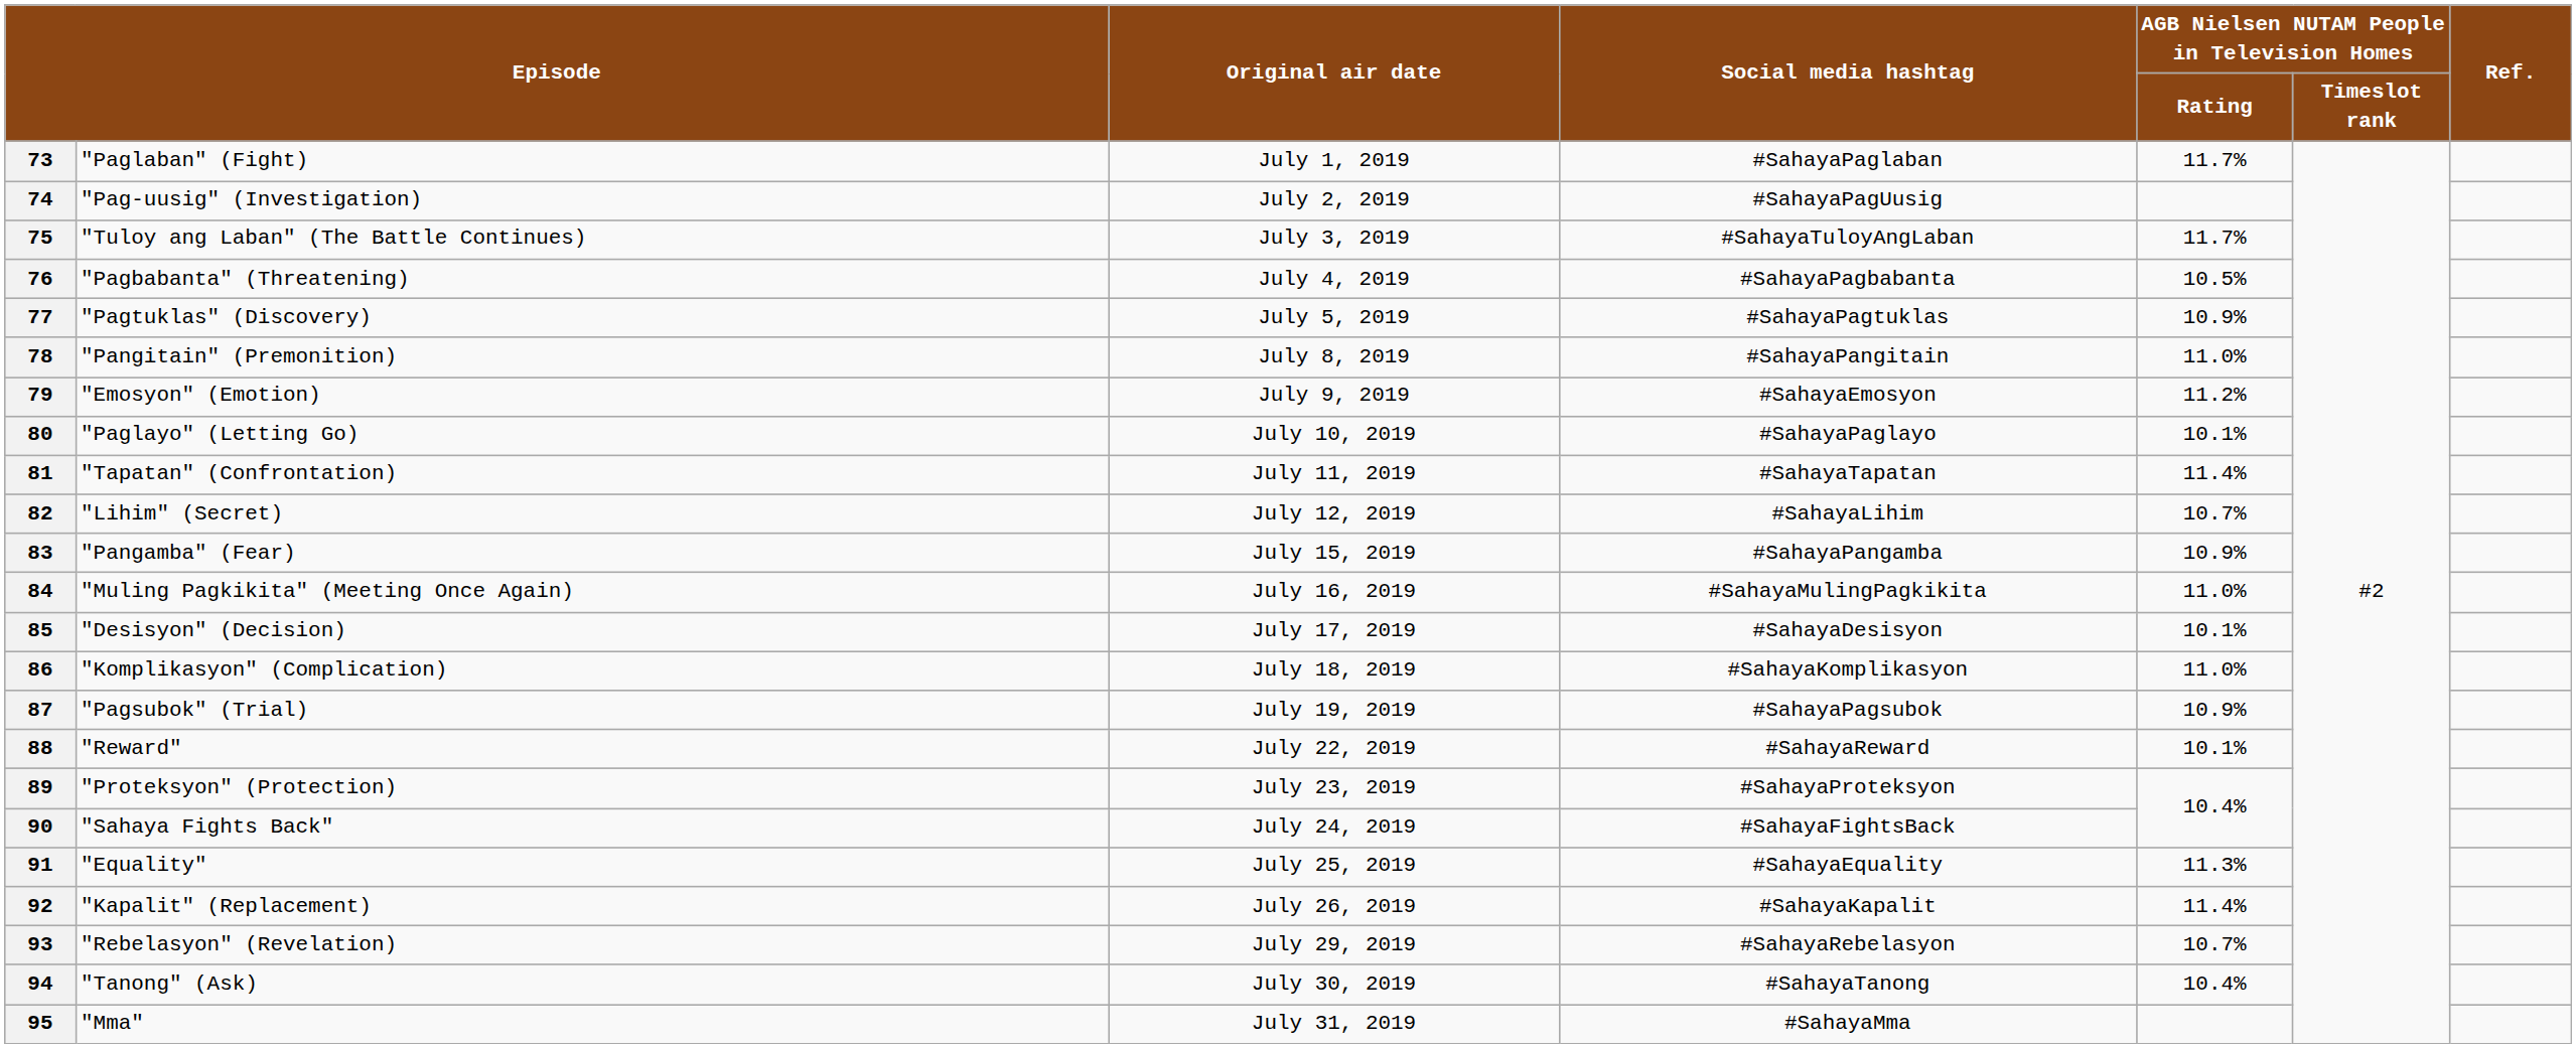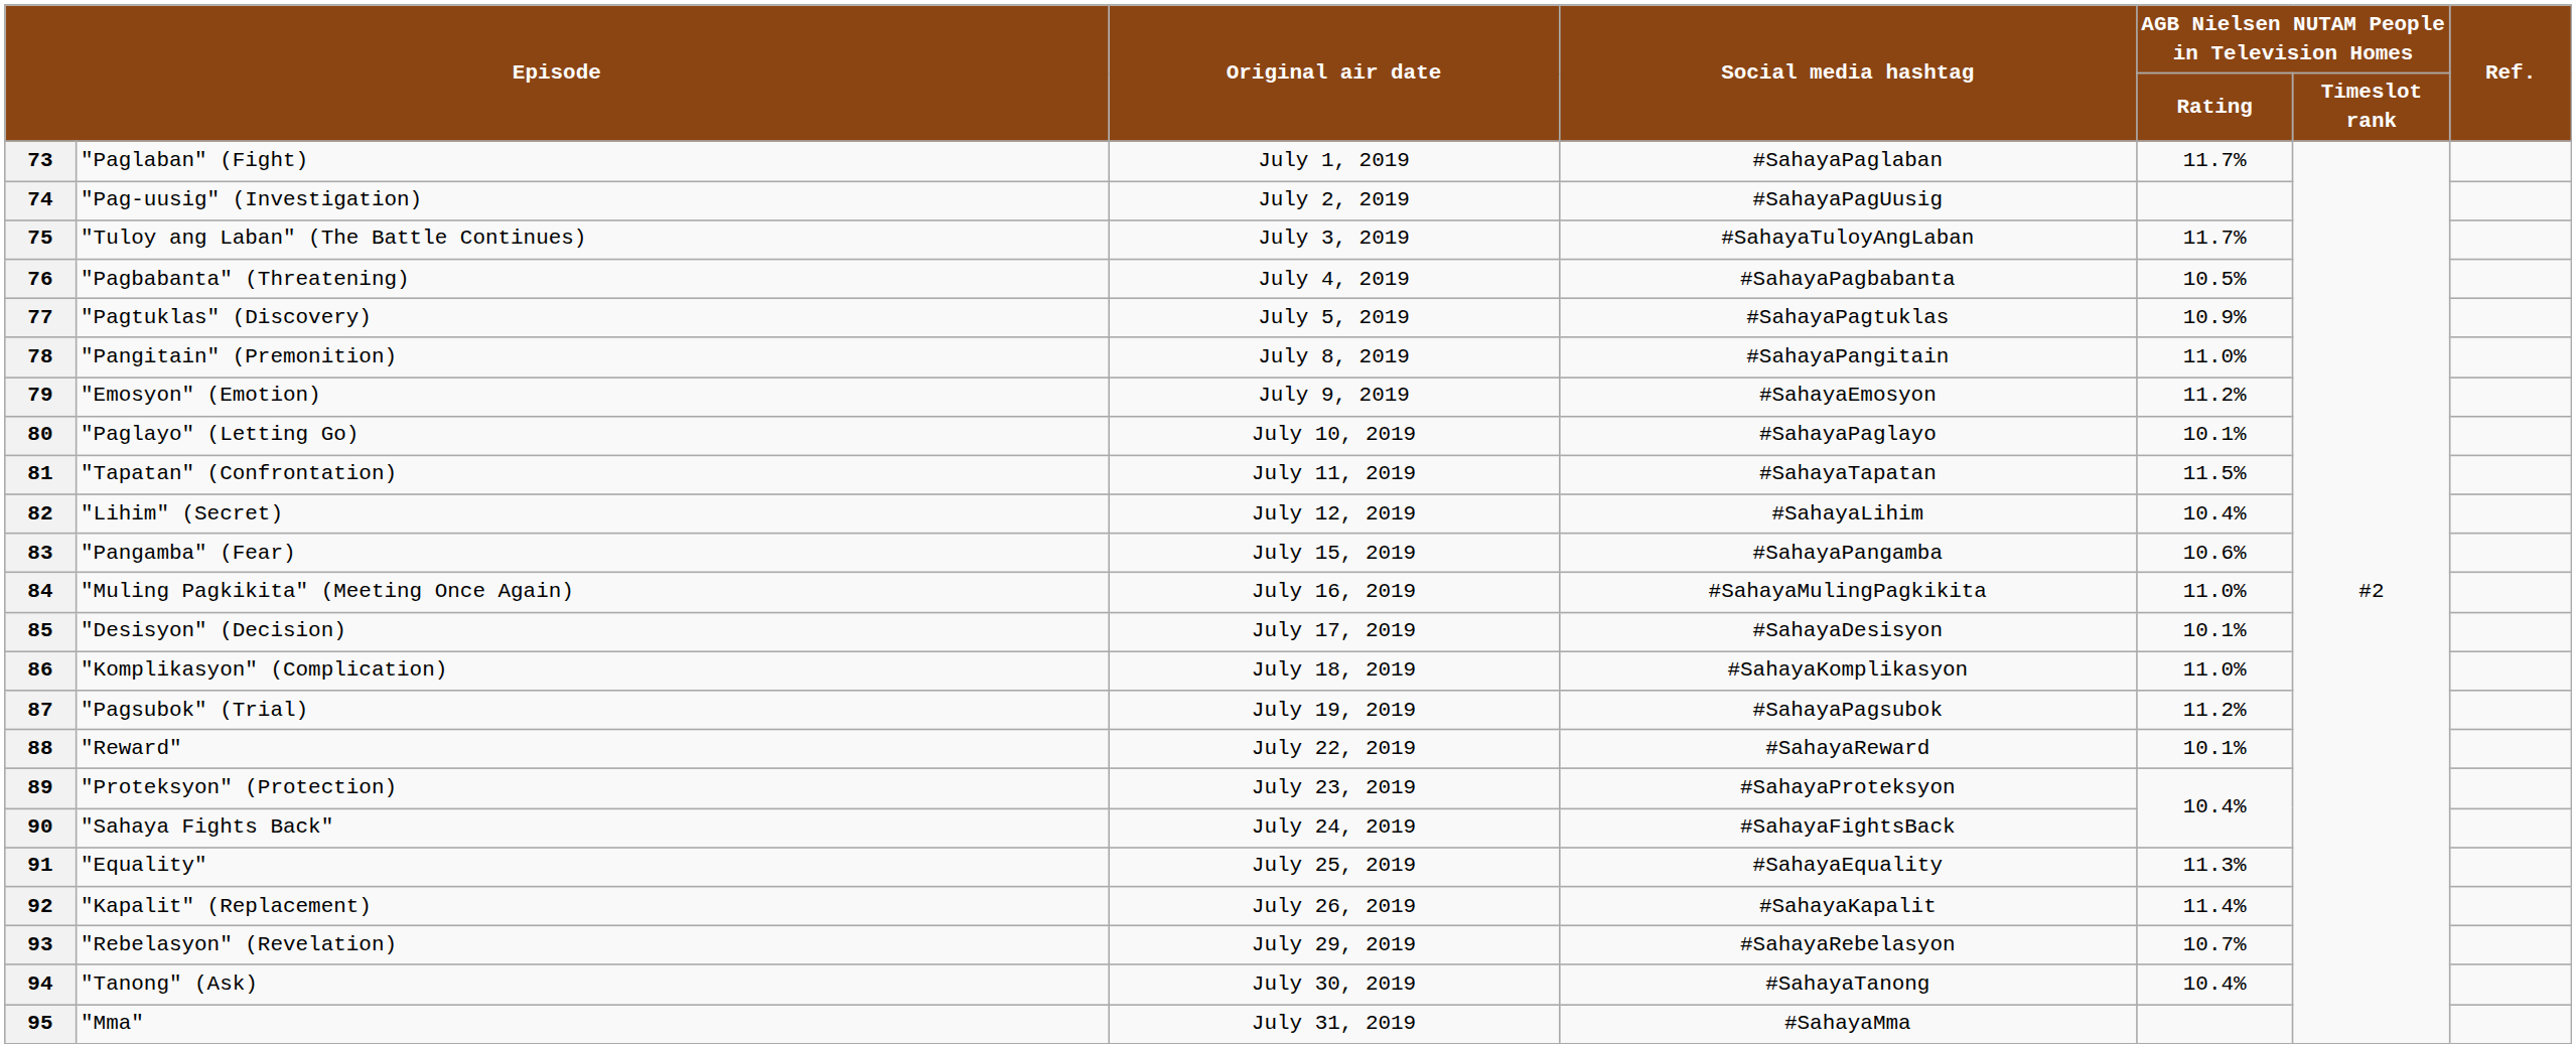 <table class="wikitable" style="text-align:center; font-size:100%; line-height:18px;" width="100%">
 <tr>
 <th style="background-color:#8B4513; color:#ffffff;" colspan="2" rowspan="2">Episode</th>
 <th style="background-color:#8B4513; color:white" rowspan="2">Original air date</th>
 <th style="background-color:#8B4513; color:white" rowspan="2">Social media hashtag</th>
 <th style="background-color:#8B4513; color:#ffffff;" colspan="2">AGB Nielsen NUTAM People in Television Homes</th>
 <th style="background-color:#8B4513; color:#ffffff;" rowspan="2">Ref.</th>
 </tr>
 <tr>
 <th style="background-color:#8B4513; width:75px; color:#ffffff;">Rating</th>
 <th style="background-color:#8B4513; width:75px; color:#ffffff;">Timeslot<br>rank</th>
 </tr>
 <tr>
 <th>73</th>
 <td style="text-align: left;">"Paglaban" (Fight)</td>
 <td>July 1, 2019</td>
 <td>#SahayaPaglaban</td>
 <td>11.7%</td>
 <td rowspan="23">#2</td>
 <td></td>
 </tr>
 <tr>
 <th>74</th>
 <td style="text-align: left;">"Pag-uusig" (Investigation)</td>
 <td>July 2, 2019</td>
 <td>#SahayaPagUusig</td>
 <td></td>
 <td></td>
 </tr>
 <tr>
 <th>75</th>
 <td style="text-align: left;">"Tuloy ang Laban" (The Battle Continues)</td>
 <td>July 3, 2019</td>
 <td>#SahayaTuloyAngLaban</td>
 <td>11.7%</td>
 <td></td>
 </tr>
 <tr>
 <th>76</th>
 <td style="text-align: left;">"Pagbabanta" (Threatening)</td>
 <td>July 4, 2019</td>
 <td>#SahayaPagbabanta</td>
 <td>10.5%</td>
 <td></td>
 </tr>
 <tr>
 <th>77</th>
 <td style="text-align: left;">"Pagtuklas" (Discovery)</td>
 <td>July 5, 2019</td>
 <td>#SahayaPagtuklas</td>
 <td>10.9%</td>
 <td></td>
 </tr>
 <tr>
 <th>78</th>
 <td style="text-align: left;">"Pangitain" (Premonition)</td>
 <td>July 8, 2019</td>
 <td>#SahayaPangitain</td>
 <td>11.0%</td>
 <td></td>
 </tr>
 <tr>
 <th>79</th>
 <td style="text-align: left;">"Emosyon" (Emotion)</td>
 <td>July 9, 2019</td>
 <td>#SahayaEmosyon</td>
 <td>11.2%</td>
 <td></td>
 </tr>
 <tr>
 <th>80</th>
 <td style="text-align: left;">"Paglayo" (Letting Go)</td>
 <td>July 10, 2019</td>
 <td>#SahayaPaglayo</td>
 <td>10.1%</td>
 <td></td>
 </tr>
 <tr>
 <th>81</th>
 <td style="text-align: left;">"Tapatan" (Confrontation)</td>
 <td>July 11, 2019</td>
 <td>#SahayaTapatan</td>
-<td>11.4%</td>
+<td>11.5%</td>
 <td></td>
 </tr>
 <tr>
 <th>82</th>
 <td style="text-align: left;">"Lihim" (Secret)</td>
 <td>July 12, 2019</td>
 <td>#SahayaLihim</td>
-<td>10.7%</td>
+<td>10.4%</td>
 <td></td>
 </tr>
 <tr>
 <th>83</th>
 <td style="text-align: left;">"Pangamba" (Fear)</td>
 <td>July 15, 2019</td>
 <td>#SahayaPangamba</td>
-<td>10.9%</td>
+<td>10.6%</td>
 <td></td>
 </tr>
 <tr>
 <th>84</th>
 <td style="text-align: left;">"Muling Pagkikita" (Meeting Once Again)</td>
 <td>July 16, 2019</td>
 <td>#SahayaMulingPagkikita</td>
 <td>11.0%</td>
 <td></td>
 </tr>
 <tr>
 <th>85</th>
 <td style="text-align: left;">"Desisyon" (Decision)</td>
 <td>July 17, 2019</td>
 <td>#SahayaDesisyon</td>
 <td>10.1%</td>
 <td></td>
 </tr>
 <tr>
 <th>86</th>
 <td style="text-align: left;">"Komplikasyon" (Complication)</td>
 <td>July 18, 2019</td>
 <td>#SahayaKomplikasyon</td>
 <td>11.0%</td>
 <td></td>
 </tr>
 <tr>
 <th>87</th>
 <td style="text-align: left;">"Pagsubok" (Trial)</td>
 <td>July 19, 2019</td>
 <td>#SahayaPagsubok</td>
-<td>10.9%</td>
+<td>11.2%</td>
 <td></td>
 </tr>
 <tr>
 <th>88</th>
 <td style="text-align: left;">"Reward"</td>
 <td>July 22, 2019</td>
 <td>#SahayaReward</td>
 <td>10.1%</td>
 <td></td>
 </tr>
 <tr>
 <th>89</th>
 <td style="text-align: left;">"Proteksyon" (Protection)</td>
 <td>July 23, 2019</td>
 <td>#SahayaProteksyon</td>
 <td rowspan="2">10.4%</td>
 <td></td>
 </tr>
 <tr>
 <th>90</th>
 <td style="text-align: left;">"Sahaya Fights Back"</td>
 <td>July 24, 2019</td>
 <td>#SahayaFightsBack</td>
 <td></td>
 </tr>
 <tr>
 <th>91</th>
 <td style="text-align: left;">"Equality"</td>
 <td>July 25, 2019</td>
 <td>#SahayaEquality</td>
 <td>11.3%</td>
 <td></td>
 </tr>
 <tr>
 <th>92</th>
 <td style="text-align: left;">"Kapalit" (Replacement)</td>
 <td>July 26, 2019</td>
 <td>#SahayaKapalit</td>
 <td>11.4%</td>
 <td></td>
 </tr>
 <tr>
 <th>93</th>
 <td style="text-align: left;">"Rebelasyon" (Revelation)</td>
 <td>July 29, 2019</td>
 <td>#SahayaRebelasyon</td>
 <td>10.7%</td>
 <td></td>
 </tr>
 <tr>
 <th>94</th>
 <td style="text-align: left;">"Tanong" (Ask)</td>
 <td>July 30, 2019</td>
 <td>#SahayaTanong</td>
 <td>10.4%</td>
 <td></td>
 </tr>
 <tr>
 <th>95</th>
 <td style="text-align: left;">"Mma"</td>
 <td>July 31, 2019</td>
 <td>#SahayaMma</td>
 <td></td>
 <td></td>
 </tr>
 </table>
